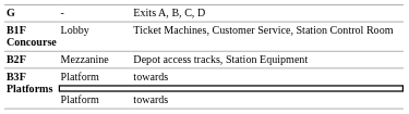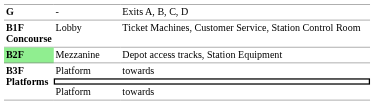 <table table border=0 cellspacing=0 cellpadding=3>
 <tr>
 <td style="border-top:solid 1px gray;" width=50 valign=top><strong>G</strong></td>
 <td style="border-top:solid 1px gray;" width=100 valign=top>-</td>
 <td style="border-top:solid 1px gray;" width=390 valign=top>Exits A, B, C, D</td>
 </tr>
 <tr>
 <td style="border-bottom:solid 1px gray; border-top:solid 1px gray;" valign=top width=50><strong>B1F<br>Concourse</strong></td>
 <td style="border-bottom:solid 1px gray; border-top:solid 1px gray;" valign=top width=100>Lobby</td>
 <td style="border-bottom:solid 1px gray; border-top:solid 1px gray;" valign=top width=390>Ticket Machines, Customer Service, Station Control Room</td>
 </tr>
 <tr>
-<td style="border-bottom:solid 1px gray;" valign=top><strong>B2F</strong></td>
+<td style="background: lightgreen; border-bottom:solid 1px gray;" valign=top><strong>B2F</strong></td>
 <td style="border-bottom:solid 1px gray;" valign=top>Mezzanine</td>
 <td style="border-bottom:solid 1px gray;" valign=top>Depot access tracks, Station Equipment</td>
 </tr>
 <tr>
 <td style="border-bottom:solid 1px gray;" rowspan=3 valign=top><strong>B3F<br>Platforms</strong></td>
 <td>Platform </td>
 <td>  towards  </td>
 </tr>
 <tr>
 <td style="border-right:solid 2px black;border-left:solid 2px black;border-top:solid 2px black;border-bottom:solid 2px black;text-align:center;" colspan=2></td>
 </tr>
 <tr>
 <td style="border-bottom:solid 1px gray;">Platform </td>
 <td style="border-bottom:solid 1px gray;">  towards   </td>
 </tr>
 </table>
